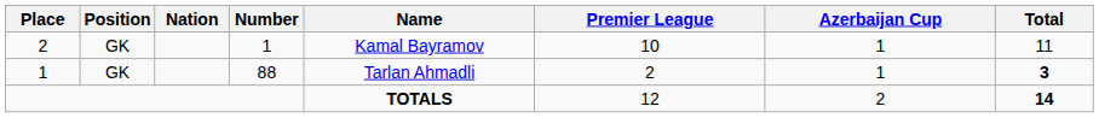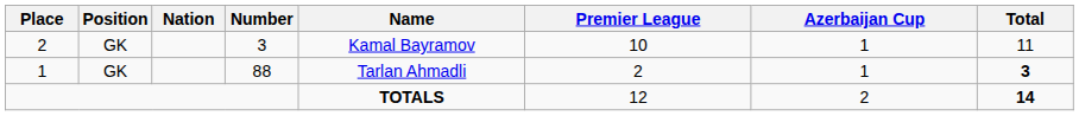 <table class="wikitable" style="font-size: 95%; text-align: center;">
 <tr>
 <th width=60>Place</th>
 <th width=60>Position</th>
 <th width=60>Nation</th>
 <th width=60>Number</th>
 <th width=200>Name</th>
 <th width=200><a href='#'>Premier League</a></th>
 <th width=200><a href='#'>Azerbaijan Cup</a></th>
 <th width=80><strong>Total</strong></th>
 </tr>
 <tr>
 <td>2</td>
 <td>GK</td>
 <td></td>
-<td>1</td>
+<td>3</td>
 <td><a href='#'>Kamal Bayramov</a></td>
 <td>10</td>
 <td>1</td>
 <td>11</td>
 </tr>
 <tr>
 <td>1</td>
 <td>GK</td>
 <td></td>
 <td>88</td>
 <td><a href='#'>Tarlan Ahmadli</a></td>
 <td>2</td>
 <td>1</td>
 <td><strong>3</strong></td>
 </tr>
 <tr>
 <td colspan="4"></td>
 <td><strong>TOTALS</strong></td>
 <td>12</td>
 <td>2</td>
 <td><strong>14</strong></td>
 </tr>
 </table>
